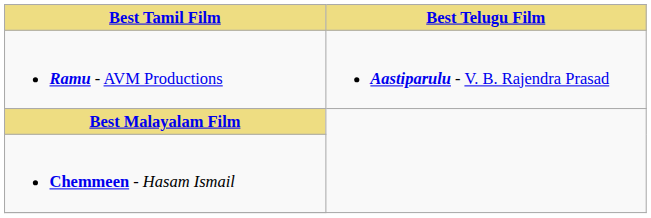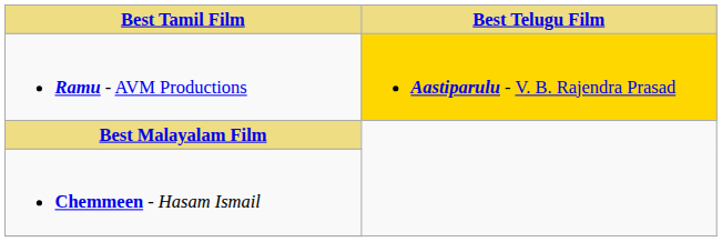 <table class="wikitable" width=100% |>
 <tr>
 <th !  style="background:#eedd82; text-align:center; width:50%;"><a href='#'>Best Tamil Film</a></th>
 <th !  style="background:#eedd82; text-align:center; width:50%;"><a href='#'>Best Telugu Film</a></th>
 </tr>
 <tr>
 <td valign="top"><br><ul><li><strong><em><a href='#'>Ramu</a></em></strong> - <a href='#'>AVM Productions</a></li></ul></td>
-<td valign="top"><br><ul><li><strong><em><a href='#'>Aastiparulu</a></em></strong> - <a href='#'>V. B. Rajendra Prasad</a></li></ul></td>
+<td valign="top" style="background: gold;"><br><ul><li><strong><em><a href='#'>Aastiparulu</a></em></strong> - <a href='#'>V. B. Rajendra Prasad</a></li></ul></td>
 </tr>
 <tr>
 <th !  style="background:#eedd82; text-align:center; width:50%;"><a href='#'>Best Malayalam Film</a></th>
 </tr>
 <tr>
 <td valign="top"><br><ul><li><strong><a href='#'>Chemmeen</a></strong> - <em>Hasam Ismail</em></li></ul></td>
 </tr>
 <tr>
 </tr>
 </table>
